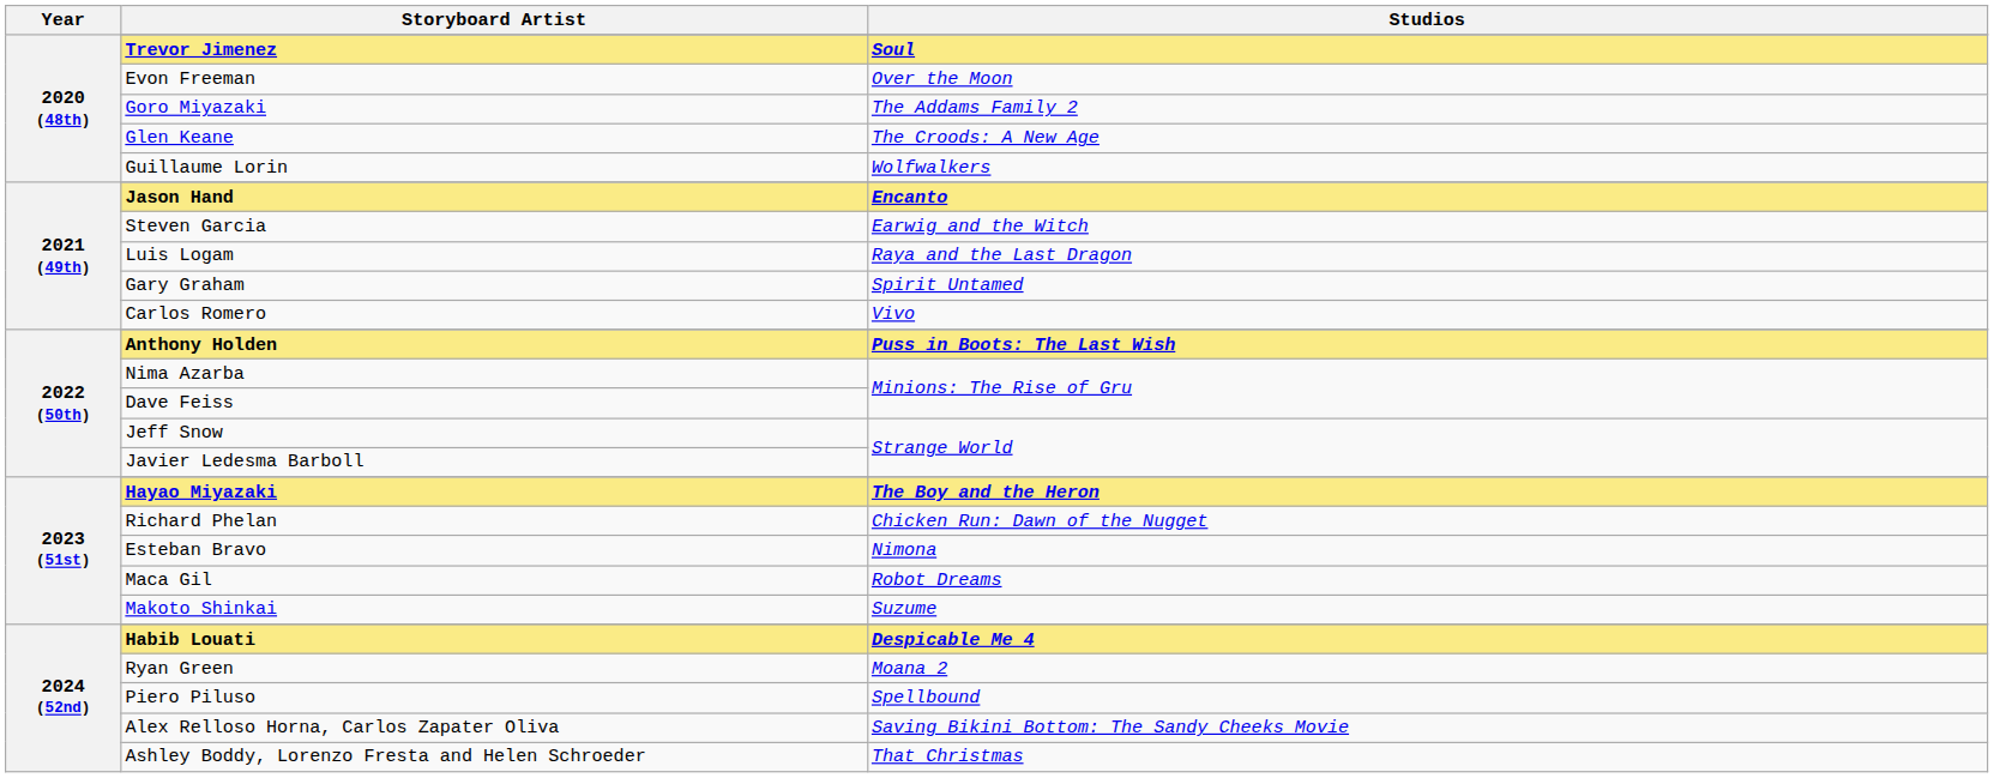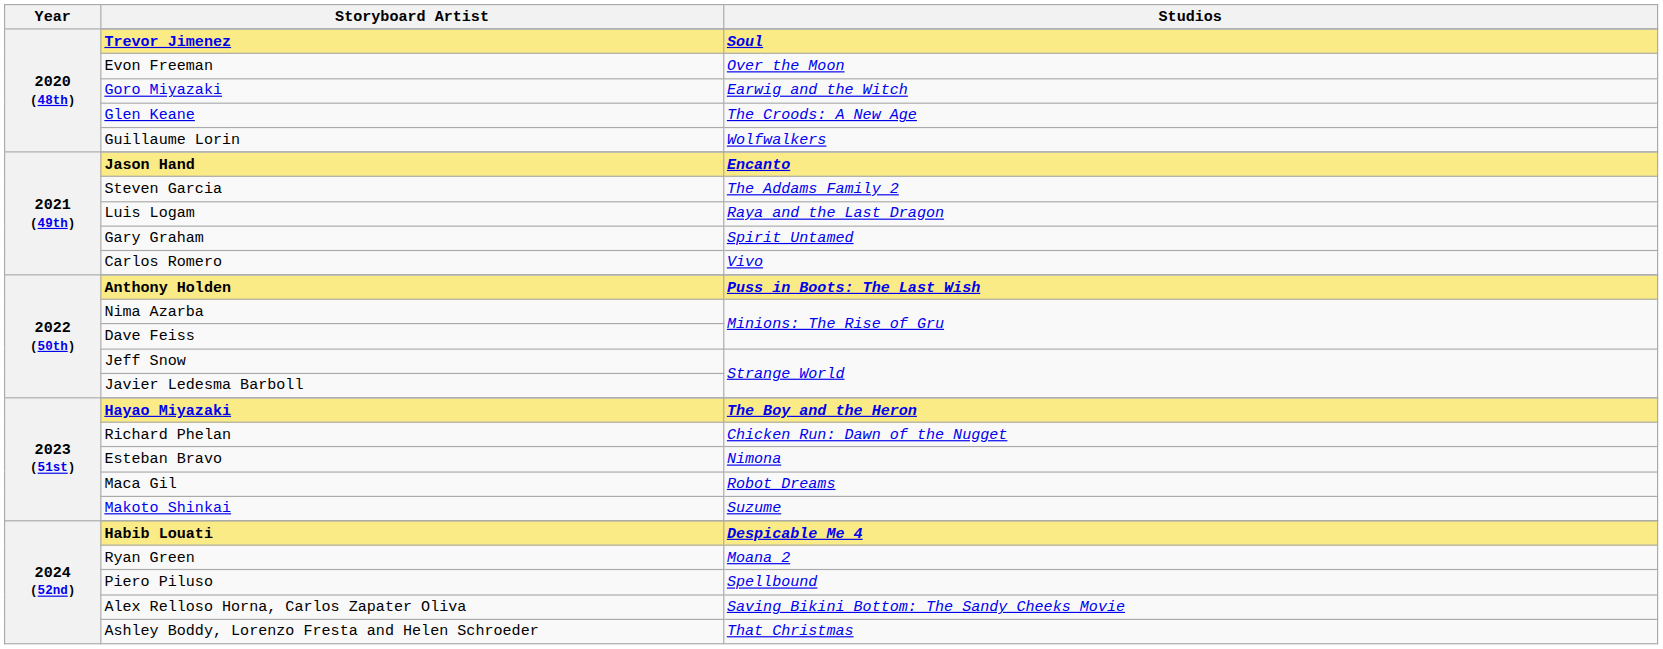 <table class="wikitable" style="width:90%;">
 <tr>
 <th style="width:3%;">Year</th>
 <th style="width:20%;">Storyboard Artist</th>
 <th style="width:30%;">Studios</th>
 </tr>
 <tr>
 <th rowspan="6" style="text-align:center;">2020 <br><small>(<a href='#'>48th</a>)</small><br></th>
 </tr>
 <tr>
 <td style="background:#FAEB86;"><strong><a href='#'>Trevor Jimenez</a></strong></td>
 <td style="background:#FAEB86;"><strong><em><a href='#'>Soul</a></em></strong></td>
 </tr>
 <tr>
 <td>Evon Freeman</td>
 <td><em><a href='#'>Over the Moon</a></em></td>
 </tr>
 <tr>
 <td><a href='#'>Goro Miyazaki</a></td>
-<td><em><a href='#'>The Addams Family 2</a></em></td>
+<td><em><a href='#'>Earwig and the Witch</a></em></td>
 </tr>
 <tr>
 <td><a href='#'>Glen Keane</a></td>
 <td><em><a href='#'>The Croods: A New Age</a></em></td>
 </tr>
 <tr>
 <td>Guillaume Lorin</td>
 <td><em><a href='#'>Wolfwalkers</a></em></td>
 </tr>
 <tr>
 <th rowspan="6" style="text-align:center;">2021 <br><small>(<a href='#'>49th</a>)</small><br></th>
 </tr>
 <tr>
 <td style="background:#FAEB86;"><strong>Jason Hand</strong></td>
 <td style="background:#FAEB86;"><strong><em><a href='#'>Encanto</a></em></strong></td>
 </tr>
 <tr>
 <td>Steven Garcia</td>
-<td><em><a href='#'>Earwig and the Witch</a></em></td>
+<td><em><a href='#'>The Addams Family 2</a></em></td>
 </tr>
 <tr>
 <td>Luis Logam</td>
 <td><em><a href='#'>Raya and the Last Dragon</a></em></td>
 </tr>
 <tr>
 <td>Gary Graham</td>
 <td><em><a href='#'>Spirit Untamed</a></em></td>
 </tr>
 <tr>
 <td>Carlos Romero</td>
 <td><em><a href='#'>Vivo</a></em></td>
 </tr>
 <tr>
 <th rowspan="6" style="text-align:center;">2022 <br><small>(<a href='#'>50th</a>)</small><br></th>
 </tr>
 <tr style="background:#FAEB86;">
 <td><strong>Anthony Holden</strong></td>
 <td><strong><em><a href='#'>Puss in Boots: The Last Wish</a></em></strong></td>
 </tr>
 <tr>
 <td>Nima Azarba</td>
 <td rowspan="2"><em><a href='#'>Minions: The Rise of Gru</a></em></td>
 </tr>
 <tr>
 <td>Dave Feiss</td>
 </tr>
 <tr>
 <td>Jeff Snow</td>
 <td rowspan="2"><em><a href='#'>Strange World</a></em></td>
 </tr>
 <tr>
 <td>Javier Ledesma Barboll</td>
 </tr>
 <tr>
 <th rowspan="6" style="text-align:center;">2023 <br><small>(<a href='#'>51st</a>)</small><br></th>
 </tr>
 <tr style="background:#FAEB86">
 <td><strong><a href='#'>Hayao Miyazaki</a></strong></td>
 <td><strong><em><a href='#'>The Boy and the Heron</a></em></strong></td>
 </tr>
 <tr>
 <td>Richard Phelan</td>
 <td><em><a href='#'>Chicken Run: Dawn of the Nugget</a></em></td>
 </tr>
 <tr>
 <td>Esteban Bravo</td>
 <td><em><a href='#'>Nimona</a></em></td>
 </tr>
 <tr>
 <td>Maca Gil</td>
 <td><em><a href='#'>Robot Dreams</a></em></td>
 </tr>
 <tr>
 <td><a href='#'>Makoto Shinkai</a></td>
 <td><em><a href='#'>Suzume</a></em></td>
 </tr>
 <tr>
 <th rowspan="6" style="text-align:center;">2024 <br><small>(<a href='#'>52nd</a>)</small><br></th>
 </tr>
 <tr style="background:#FAEB86">
 <td><strong>Habib Louati</strong></td>
 <td><strong><em><a href='#'>Despicable Me 4</a></em></strong></td>
 </tr>
 <tr>
 <td>Ryan Green</td>
 <td><em><a href='#'>Moana 2</a></em></td>
 </tr>
 <tr>
 <td>Piero Piluso</td>
 <td><em><a href='#'>Spellbound</a></em></td>
 </tr>
 <tr>
 <td>Alex Relloso Horna, Carlos Zapater Oliva</td>
 <td><em><a href='#'>Saving Bikini Bottom: The Sandy Cheeks Movie</a></em></td>
 </tr>
 <tr>
 <td>Ashley Boddy, Lorenzo Fresta and Helen Schroeder</td>
 <td><em><a href='#'>That Christmas</a></em></td>
 </tr>
 </table>
